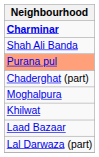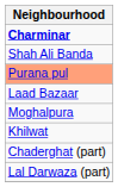 <table class="wikitable sortable static-row-numbers static-row-header-hash">
 <tr>
 <th>Neighbourhood</th>
 </tr>
 <tr>
 <td><strong><a href='#'>Charminar</a></strong></td>
 </tr>
 <tr>
 <td><a href='#'>Shah Ali Banda</a></td>
 </tr>
 <tr>
 <td style="background: lightsalmon;"><a href='#'>Purana pul</a></td>
 </tr>
 <tr>
-<td><a href='#'>Chaderghat</a> (part)</td>
+<td><a href='#'>Laad Bazaar</a></td>
 </tr>
 <tr>
 <td><a href='#'>Moghalpura</a></td>
 </tr>
 <tr>
 <td><a href='#'>Khilwat</a></td>
 </tr>
 <tr>
-<td><a href='#'>Laad Bazaar</a></td>
+<td><a href='#'>Chaderghat</a> (part)</td>
 </tr>
 <tr>
 <td><a href='#'>Lal Darwaza</a> (part)</td>
 </tr>
 <tr>
 </tr>
 </table>
